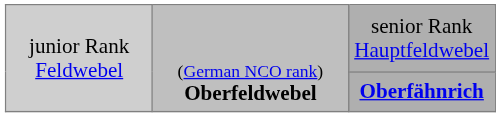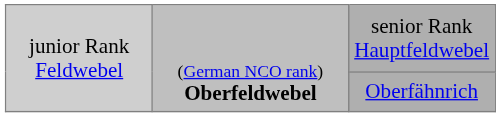 <table class="toccolours" border="1" cellpadding="4" cellspacing="0" style="border-collapse: collapse; margin: 0.5em auto; clear: both;">
 <tr>
 <td width="30%" align="center" rowspan="2" style="background:#cfcfcf;">junior Rank<br><a href='#'>Feldwebel</a></td>
 <td width="40%" align="center" rowspan="2" style="background:#bfbfbf;"> <br><br><small>(<a href='#'>German NCO rank</a>)</small><br><strong>Oberfeldwebel</strong></td>
 <td width="30%" align="center" rowspan="1" style="background:#afafaf;">senior Rank<br><a href='#'>Hauptfeldwebel</a></td>
 </tr>
 <tr>
-<td width="30%" align="center" rowspan="1" style="background:#afafaf;"><strong><a href='#'>Oberfähnrich</a></strong></td>
+<td width="30%" align="center" rowspan="1" style="background:#afafaf;"><a href='#'>Oberfähnrich</a></td>
 </tr>
 </table>
